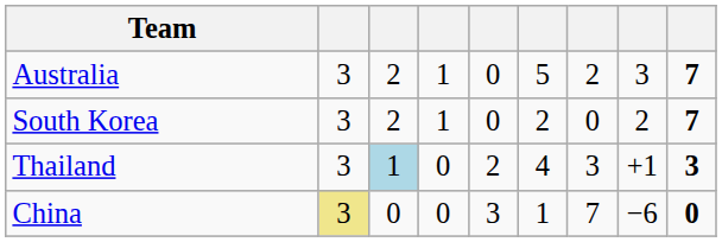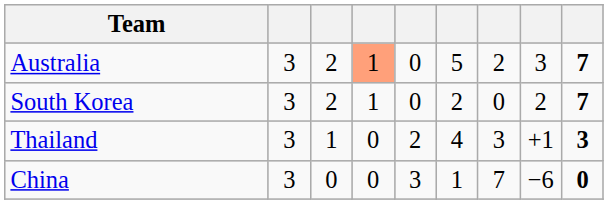 <table class="wikitable" style="text-align: center;">
 <tr>
 <th width=165>Team</th>
 <th width=20 abbr="Played"></th>
 <th width=20 abbr="Won"></th>
 <th width=20 abbr="Drawn"></th>
 <th width=20 abbr="Lost"></th>
 <th width=20 abbr="Goals for"></th>
 <th width=20 abbr="Goals against"></th>
 <th width=20 abbr="Goal difference"></th>
 <th width=20 abbr="Points"></th>
 </tr>
 <tr>
 <td align="left"> <a href='#'>Australia</a></td>
 <td>3</td>
 <td>2</td>
-<td>1</td>
+<td style="background: lightsalmon;">1</td>
 <td>0</td>
 <td>5</td>
 <td>2</td>
 <td>3</td>
 <td><strong>7</strong></td>
 </tr>
 <tr>
 <td align="left"> <a href='#'>South Korea</a></td>
 <td>3</td>
 <td>2</td>
 <td>1</td>
 <td>0</td>
 <td>2</td>
 <td>0</td>
 <td>2</td>
 <td><strong>7</strong></td>
 </tr>
 <tr>
 <td align="left"> <a href='#'>Thailand</a></td>
 <td>3</td>
-<td style="background: lightblue;">1</td>
+<td>1</td>
 <td>0</td>
 <td>2</td>
 <td>4</td>
 <td>3</td>
 <td>+1</td>
 <td><strong>3</strong></td>
 </tr>
 <tr>
 <td align="left"> <a href='#'>China</a></td>
-<td style="background: khaki;">3</td>
+<td>3</td>
 <td>0</td>
 <td>0</td>
 <td>3</td>
 <td>1</td>
 <td>7</td>
 <td>−6</td>
 <td><strong>0</strong></td>
 </tr>
 </table>
